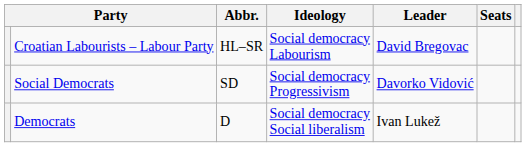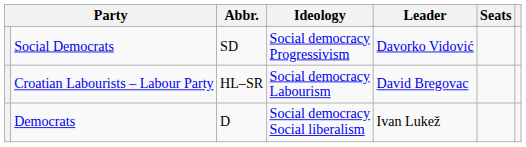 <table class="wikitable" style="text-align:left;">
 <tr>
 <th colspan=2>Party</th>
 <th>Abbr.</th>
 <th>Ideology</th>
 <th>Leader</th>
 <th>Seats</th>
 <th></th>
 </tr>
 <tr>
 <th style="background-color:"></th>
-<td><a href='#'>Croatian Labourists – Labour Party</a><br></td>
-<td>HL–SR</td>
-<td><a href='#'>Social democracy</a><br><a href='#'>Labourism</a></td>
-<td><a href='#'>David Bregovac</a></td>
+<td><a href='#'>Social Democrats</a></td>
+<td>SD</td>
+<td><a href='#'>Social democracy</a><br><a href='#'>Progressivism</a></td>
+<td><a href='#'>Davorko Vidović</a></td>
 <td></td>
 <td></td>
 </tr>
 <tr>
 <th style="background-color:"></th>
-<td><a href='#'>Social Democrats</a></td>
-<td>SD</td>
-<td><a href='#'>Social democracy</a><br><a href='#'>Progressivism</a></td>
-<td><a href='#'>Davorko Vidović</a></td>
+<td><a href='#'>Croatian Labourists – Labour Party</a><br></td>
+<td>HL–SR</td>
+<td><a href='#'>Social democracy</a><br><a href='#'>Labourism</a></td>
+<td><a href='#'>David Bregovac</a></td>
 <td></td>
 <td></td>
 </tr>
 <tr>
 <th style="background-color:"></th>
 <td><a href='#'>Democrats</a><br></td>
 <td>D</td>
 <td><a href='#'>Social democracy</a><br><a href='#'>Social liberalism</a></td>
 <td>Ivan Lukež</td>
 <td></td>
 <td></td>
 </tr>
 </table>
